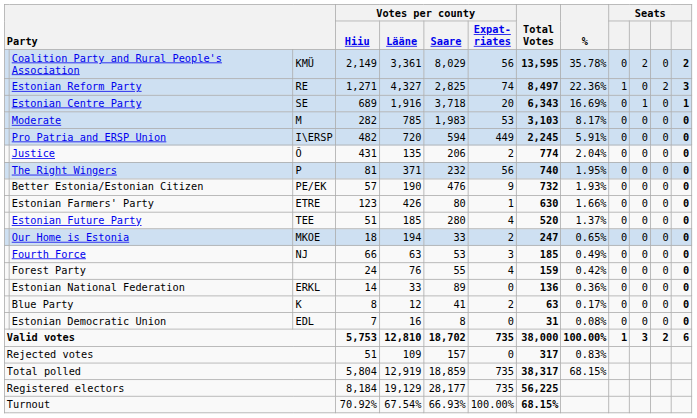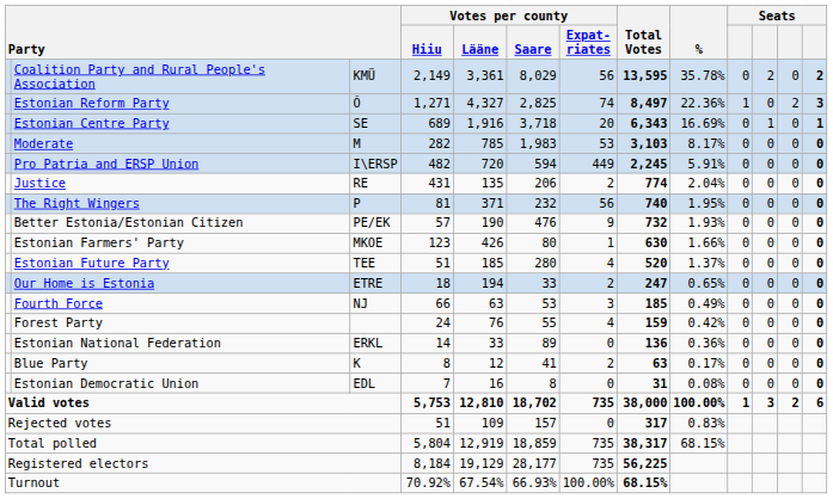 <table class="wikitable" border="1" style="text-align:right;">
 <tr>
 <th style="text-align:left;" valign=bottom rowspan=2 colspan=3>Party</th>
 <th colspan=4>Votes per county</th>
 <th align=center valign=bottom rowspan=2 width="50">Total Votes</th>
 <th align=center valign=bottom rowspan=2 width="50">%</th>
 <th colspan=4>Seats</th>
 </tr>
 <tr>
 <th align=center valign=bottom width="50"><a href='#'>Hiiu</a></th>
 <th align=center valign=bottom width="50"><a href='#'>Lääne</a></th>
 <th align=center valign=bottom width="50"><a href='#'>Saare</a></th>
 <th align=center valign=bottom width="50"><a href='#'>Expat- riates</a></th>
 <th align=center valign=bottom width="20"><small></small></th>
 <th align=center valign=bottom width="20"><small></small></th>
 <th align=center valign=bottom width="20"><small></small></th>
 <th align=center valign=bottom width="20"><small></small></th>
 </tr>
 <tr style="background:#CEE0F2;">
 <td style="background:"></td>
 <td align=left><a href='#'>Coalition Party and Rural People's Association</a></td>
 <td align=left>KMÜ</td>
 <td>2,149</td>
 <td>3,361</td>
 <td>8,029</td>
 <td>56</td>
 <td><strong>13,595</strong></td>
 <td>35.78%</td>
 <td>0</td>
 <td>2</td>
 <td>0</td>
 <td><strong>2</strong></td>
 </tr>
 <tr style="background:#CEE0F2;">
 <td style="background:"></td>
 <td align=left><a href='#'>Estonian Reform Party</a></td>
-<td align=left>RE</td>
+<td align=left>Õ</td>
 <td>1,271</td>
 <td>4,327</td>
 <td>2,825</td>
 <td>74</td>
 <td><strong>8,497</strong></td>
 <td>22.36%</td>
 <td>1</td>
 <td>0</td>
 <td>2</td>
 <td><strong>3</strong></td>
 </tr>
 <tr style="background:#CEE0F2;">
 <td style="background:"></td>
 <td align=left><a href='#'>Estonian Centre Party</a></td>
 <td align=left>SE</td>
 <td>689</td>
 <td>1,916</td>
 <td>3,718</td>
 <td>20</td>
 <td><strong>6,343</strong></td>
 <td>16.69%</td>
 <td>0</td>
 <td>1</td>
 <td>0</td>
 <td><strong>1</strong></td>
 </tr>
 <tr style="background:#CEE0F2;">
 <td style="background:"></td>
 <td align=left><a href='#'>Moderate</a></td>
 <td align=left>M</td>
 <td>282</td>
 <td>785</td>
 <td>1,983</td>
 <td>53</td>
 <td><strong>3,103</strong></td>
 <td>8.17%</td>
 <td>0</td>
 <td>0</td>
 <td>0</td>
 <td><strong>0</strong></td>
 </tr>
 <tr style="background:#CEE0F2;">
 <td style="background:"></td>
 <td align=left><a href='#'>Pro Patria and ERSP Union</a></td>
 <td align=left>I\ERSP</td>
 <td>482</td>
 <td>720</td>
 <td>594</td>
 <td>449</td>
 <td><strong>2,245</strong></td>
 <td>5.91%</td>
 <td>0</td>
 <td>0</td>
 <td>0</td>
 <td><strong>0</strong></td>
 </tr>
 <tr>
 <td style="background:"></td>
 <td align=left><a href='#'>Justice</a></td>
-<td align=left>Õ</td>
+<td align=left>RE</td>
 <td>431</td>
 <td>135</td>
 <td>206</td>
 <td>2</td>
 <td><strong>774</strong></td>
 <td>2.04%</td>
 <td>0</td>
 <td>0</td>
 <td>0</td>
 <td><strong>0</strong></td>
 </tr>
 <tr style="background:#CEE0F2;">
 <td></td>
 <td align=left><a href='#'>The Right Wingers</a></td>
 <td align=left>P</td>
 <td>81</td>
 <td>371</td>
 <td>232</td>
 <td>56</td>
 <td><strong>740</strong></td>
 <td>1.95%</td>
 <td>0</td>
 <td>0</td>
 <td>0</td>
 <td><strong>0</strong></td>
 </tr>
 <tr>
 <td></td>
 <td align=left>Better Estonia/Estonian Citizen</td>
 <td align=left>PE/EK</td>
 <td>57</td>
 <td>190</td>
 <td>476</td>
 <td>9</td>
 <td><strong>732</strong></td>
 <td>1.93%</td>
 <td>0</td>
 <td>0</td>
 <td>0</td>
 <td><strong>0</strong></td>
 </tr>
 <tr>
 <td></td>
 <td align=left>Estonian Farmers' Party</td>
-<td align=left>ETRE</td>
+<td align=left>MKOE</td>
 <td>123</td>
 <td>426</td>
 <td>80</td>
 <td>1</td>
 <td><strong>630</strong></td>
 <td>1.66%</td>
 <td>0</td>
 <td>0</td>
 <td>0</td>
 <td><strong>0</strong></td>
 </tr>
 <tr>
 <td style="background:"></td>
 <td align=left><a href='#'>Estonian Future Party</a></td>
 <td align=left>TEE</td>
 <td>51</td>
 <td>185</td>
 <td>280</td>
 <td>4</td>
 <td><strong>520</strong></td>
 <td>1.37%</td>
 <td>0</td>
 <td>0</td>
 <td>0</td>
 <td><strong>0</strong></td>
 </tr>
 <tr style="background:#CEE0F2;">
 <td style="background:"></td>
 <td align=left><a href='#'>Our Home is Estonia</a></td>
-<td align=left>MKOE</td>
+<td align=left>ETRE</td>
 <td>18</td>
 <td>194</td>
 <td>33</td>
 <td>2</td>
 <td><strong>247</strong></td>
 <td>0.65%</td>
 <td>0</td>
 <td>0</td>
 <td>0</td>
 <td><strong>0</strong></td>
 </tr>
 <tr>
 <td style="background:"></td>
 <td align=left><a href='#'>Fourth Force</a></td>
 <td align=left>NJ</td>
 <td>66</td>
 <td>63</td>
 <td>53</td>
 <td>3</td>
 <td><strong>185</strong></td>
 <td>0.49%</td>
 <td>0</td>
 <td>0</td>
 <td>0</td>
 <td><strong>0</strong></td>
 </tr>
 <tr>
 <td></td>
 <td align=left>Forest Party</td>
 <td></td>
 <td>24</td>
 <td>76</td>
 <td>55</td>
 <td>4</td>
 <td><strong>159</strong></td>
 <td>0.42%</td>
 <td>0</td>
 <td>0</td>
 <td>0</td>
 <td><strong>0</strong></td>
 </tr>
 <tr>
 <td></td>
 <td align=left>Estonian National Federation</td>
 <td align=left>ERKL</td>
 <td>14</td>
 <td>33</td>
 <td>89</td>
 <td>0</td>
 <td><strong>136</strong></td>
 <td>0.36%</td>
 <td>0</td>
 <td>0</td>
 <td>0</td>
 <td><strong>0</strong></td>
 </tr>
 <tr>
 <td></td>
 <td align=left>Blue Party</td>
 <td align=left>K</td>
 <td>8</td>
 <td>12</td>
 <td>41</td>
 <td>2</td>
 <td><strong>63</strong></td>
 <td>0.17%</td>
 <td>0</td>
 <td>0</td>
 <td>0</td>
 <td><strong>0</strong></td>
 </tr>
 <tr>
 <td></td>
 <td align=left>Estonian Democratic Union</td>
 <td align=left>EDL</td>
 <td>7</td>
 <td>16</td>
 <td>8</td>
 <td>0</td>
 <td><strong>31</strong></td>
 <td>0.08%</td>
 <td>0</td>
 <td>0</td>
 <td>0</td>
 <td><strong>0</strong></td>
 </tr>
 <tr style="font-weight:bold">
 <td align=left colspan=3>Valid votes</td>
 <td>5,753</td>
 <td>12,810</td>
 <td>18,702</td>
 <td>735</td>
 <td>38,000</td>
 <td>100.00%</td>
 <td>1</td>
 <td>3</td>
 <td>2</td>
 <td>6</td>
 </tr>
 <tr>
 <td align=left colspan=3>Rejected votes</td>
 <td>51</td>
 <td>109</td>
 <td>157</td>
 <td>0</td>
 <td><strong>317</strong></td>
 <td>0.83%</td>
 <td></td>
 <td></td>
 <td></td>
 <td></td>
 </tr>
 <tr>
 <td align=left colspan=3>Total polled</td>
 <td>5,804</td>
 <td>12,919</td>
 <td>18,859</td>
 <td>735</td>
 <td><strong>38,317</strong></td>
 <td>68.15%</td>
 <td></td>
 <td></td>
 <td></td>
 <td></td>
 </tr>
 <tr>
 <td align=left colspan=3>Registered electors</td>
 <td>8,184</td>
 <td>19,129</td>
 <td>28,177</td>
 <td>735</td>
 <td><strong>56,225</strong></td>
 <td></td>
 <td></td>
 <td></td>
 <td></td>
 <td></td>
 </tr>
 <tr>
 <td align=left colspan=3>Turnout</td>
 <td>70.92%</td>
 <td>67.54%</td>
 <td>66.93%</td>
 <td>100.00%</td>
 <td><strong>68.15%</strong></td>
 <td></td>
 <td></td>
 <td></td>
 <td></td>
 <td></td>
 </tr>
 </table>
